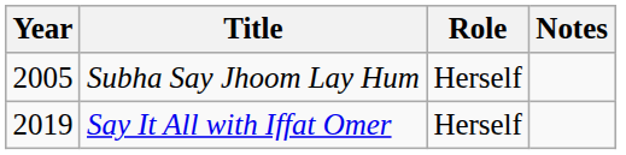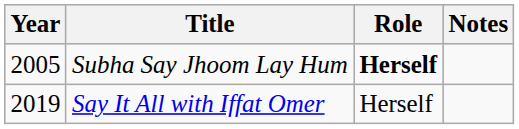 <table class="wikitable sortable plainrowheaders">
 <tr style="text-align:center;">
 <th scope="col">Year</th>
 <th scope="col">Title</th>
 <th scope="col">Role</th>
 <th scope="col">Notes</th>
 </tr>
 <tr>
 <td>2005</td>
 <td><em>Subha Say Jhoom Lay Hum</em></td>
-<td>Herself</td>
+<td><strong>Herself</strong></td>
 </tr>
 <tr>
 <td>2019</td>
 <td><em><a href='#'>Say It All with Iffat Omer</a></em></td>
 <td>Herself</td>
 <td></td>
 </tr>
 </table>
